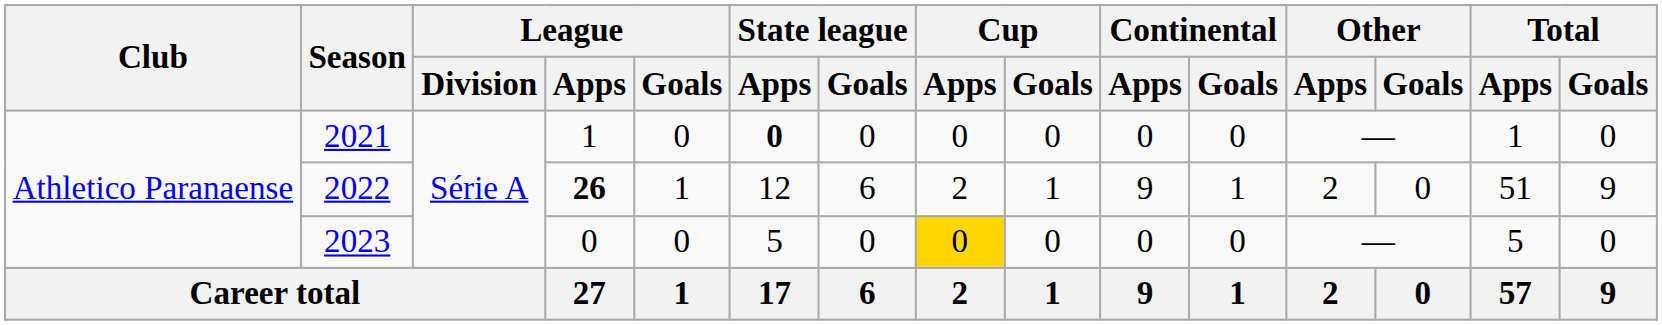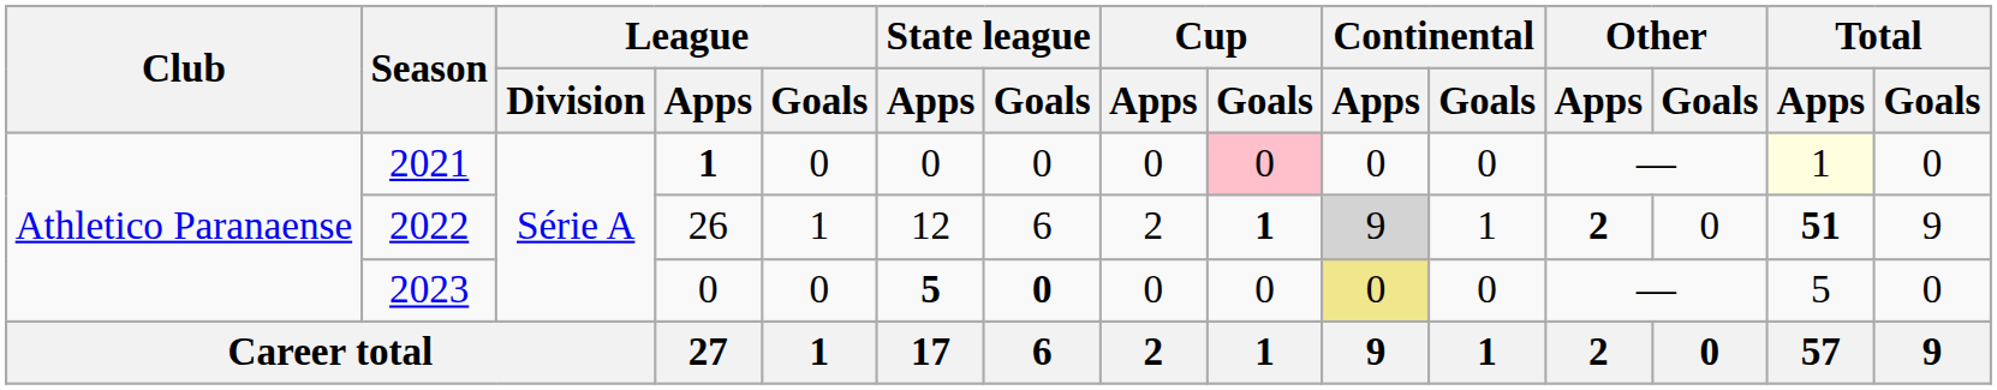 <table class="wikitable" style="text-align: center">
 <tr>
 <th rowspan="2">Club</th>
 <th rowspan="2">Season</th>
 <th colspan="3">League</th>
 <th colspan="2">State league</th>
 <th colspan="2">Cup</th>
 <th colspan="2">Continental</th>
 <th colspan="2">Other</th>
 <th colspan="2">Total</th>
 </tr>
 <tr>
 <th>Division</th>
 <th>Apps</th>
 <th>Goals</th>
 <th>Apps</th>
 <th>Goals</th>
 <th>Apps</th>
 <th>Goals</th>
 <th>Apps</th>
 <th>Goals</th>
 <th>Apps</th>
 <th>Goals</th>
 <th>Apps</th>
 <th>Goals</th>
 </tr>
 <tr>
 <td rowspan="3"><a href='#'>Athletico Paranaense</a></td>
 <td><a href='#'>2021</a></td>
 <td rowspan="3"><a href='#'>Série A</a></td>
-<td>1</td>
-<td>0</td>
-<td><strong>0</strong></td>
+<td><strong>1</strong></td>
 <td>0</td>
 <td>0</td>
 <td>0</td>
 <td>0</td>
+<td style="background: pink;">0</td>
+<td>0</td>
 <td>0</td>
 <td colspan="2">—</td>
-<td>1</td>
+<td style="background: lightyellow;">1</td>
 <td>0</td>
 </tr>
 <tr>
 <td><a href='#'>2022</a></td>
-<td><strong>26</strong></td>
+<td>26</td>
 <td>1</td>
 <td>12</td>
 <td>6</td>
 <td>2</td>
+<td><strong>1</strong></td>
+<td style="background: lightgrey;">9</td>
 <td>1</td>
-<td>9</td>
-<td>1</td>
-<td>2</td>
+<td><strong>2</strong></td>
 <td>0</td>
-<td>51</td>
+<td><strong>51</strong></td>
 <td>9</td>
 </tr>
 <tr>
 <td><a href='#'>2023</a></td>
 <td>0</td>
 <td>0</td>
-<td>5</td>
-<td>0</td>
-<td style="background: gold;">0</td>
+<td><strong>5</strong></td>
+<td><strong>0</strong></td>
 <td>0</td>
 <td>0</td>
+<td style="background: khaki;">0</td>
 <td>0</td>
 <td colspan="2">—</td>
 <td>5</td>
 <td>0</td>
 </tr>
 <tr>
 <th colspan="3"><strong>Career total</strong></th>
 <th>27</th>
 <th>1</th>
 <th>17</th>
 <th>6</th>
 <th>2</th>
 <th>1</th>
 <th>9</th>
 <th>1</th>
 <th>2</th>
 <th>0</th>
 <th>57</th>
 <th>9</th>
 </tr>
 </table>
